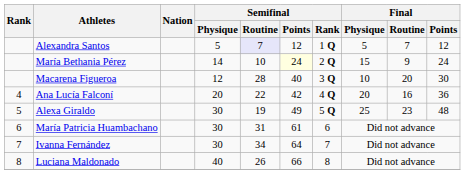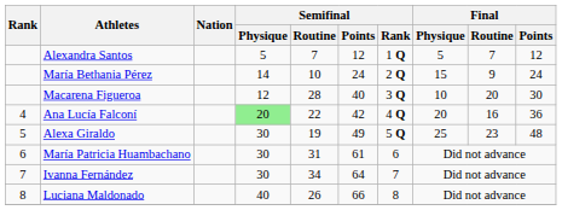 <table class="wikitable sortable" style="text-align:center;">
 <tr>
 <th rowspan="2">Rank</th>
 <th rowspan="2">Athletes</th>
 <th rowspan="2">Nation</th>
 <th colspan="4">Semifinal</th>
 <th colspan="3">Final</th>
 </tr>
 <tr>
 <th>Physique</th>
 <th>Routine</th>
 <th>Points</th>
 <th>Rank</th>
 <th>Physique</th>
 <th>Routine</th>
 <th>Points</th>
 </tr>
 <tr>
 <td></td>
 <td align=left><a href='#'>Alexandra Santos</a></td>
 <td align=left></td>
 <td>5</td>
-<td style="background: lavender;">7</td>
+<td>7</td>
 <td>12</td>
 <td>1 <strong>Q</strong></td>
 <td>5</td>
 <td>7</td>
 <td>12</td>
 </tr>
 <tr>
 <td></td>
 <td align=left><a href='#'>María Bethania Pérez</a></td>
 <td align=left></td>
 <td>14</td>
 <td>10</td>
-<td style="background: lightyellow;">24</td>
+<td>24</td>
 <td>2 <strong>Q</strong></td>
 <td>15</td>
 <td>9</td>
 <td>24</td>
 </tr>
 <tr>
 <td></td>
 <td align=left><a href='#'>Macarena Figueroa</a></td>
 <td align=left></td>
 <td>12</td>
 <td>28</td>
 <td>40</td>
 <td>3 <strong>Q</strong></td>
 <td>10</td>
 <td>20</td>
 <td>30</td>
 </tr>
 <tr>
 <td>4</td>
 <td align=left><a href='#'>Ana Lucía Falconí</a></td>
 <td align=left></td>
-<td>20</td>
+<td style="background: lightgreen;">20</td>
 <td>22</td>
 <td>42</td>
 <td>4 <strong>Q</strong></td>
 <td>20</td>
 <td>16</td>
 <td>36</td>
 </tr>
 <tr>
 <td>5</td>
 <td align=left><a href='#'>Alexa Giraldo</a></td>
 <td align=left></td>
 <td>30</td>
 <td>19</td>
 <td>49</td>
 <td>5 <strong>Q</strong></td>
 <td>25</td>
 <td>23</td>
 <td>48</td>
 </tr>
 <tr>
 <td>6</td>
 <td align=left><a href='#'>María Patricia Huambachano</a></td>
 <td align=left></td>
 <td>30</td>
 <td>31</td>
 <td>61</td>
 <td>6</td>
 <td colspan="3">Did not advance</td>
 </tr>
 <tr>
 <td>7</td>
 <td align=left><a href='#'>Ivanna Fernández</a></td>
 <td align=left></td>
 <td>30</td>
 <td>34</td>
 <td>64</td>
 <td>7</td>
 <td colspan="3">Did not advance</td>
 </tr>
 <tr>
 <td>8</td>
 <td align=left><a href='#'>Luciana Maldonado</a></td>
 <td align=left></td>
 <td>40</td>
 <td>26</td>
 <td>66</td>
 <td>8</td>
 <td colspan="3">Did not advance</td>
 </tr>
 <tr>
 </tr>
 </table>
